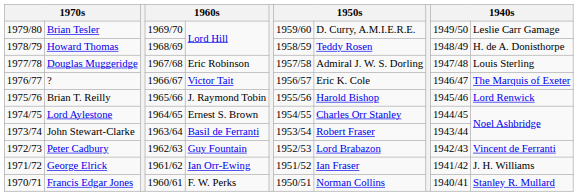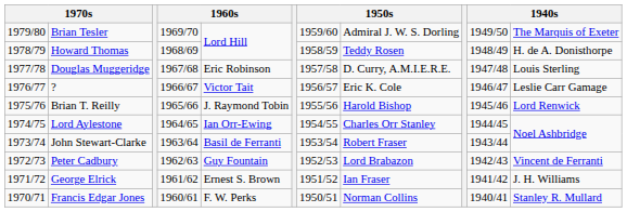 <table class="wikitable">
 <tr>
 <th colspan="2">1970s</th>
 <th rowspan="11"></th>
 <th colspan="2">1960s</th>
 <th rowspan="11"></th>
 <th colspan="2">1950s</th>
 <th rowspan="11"></th>
 <th colspan="2">1940s</th>
 </tr>
 <tr>
 <td>1979/80</td>
 <td><a href='#'>Brian Tesler</a></td>
 <td>1969/70</td>
 <td rowspan="2"><a href='#'>Lord Hill</a></td>
 <td>1959/60</td>
-<td>D. Curry, A.M.I.E.R.E.</td>
+<td>Admiral J. W. S. Dorling</td>
 <td>1949/50</td>
-<td>Leslie Carr Gamage</td>
+<td><a href='#'>The Marquis of Exeter</a></td>
 </tr>
 <tr>
 <td>1978/79</td>
 <td><a href='#'>Howard Thomas</a></td>
 <td>1968/69</td>
 <td>1958/59</td>
 <td><a href='#'>Teddy Rosen</a></td>
 <td>1948/49</td>
 <td>H. de A. Donisthorpe</td>
 </tr>
 <tr>
 <td>1977/78</td>
 <td><a href='#'>Douglas Muggeridge</a></td>
 <td>1967/68</td>
 <td>Eric Robinson</td>
 <td>1957/58</td>
-<td>Admiral J. W. S. Dorling</td>
+<td>D. Curry, A.M.I.E.R.E.</td>
 <td>1947/48</td>
 <td>Louis Sterling</td>
 </tr>
 <tr>
 <td>1976/77</td>
 <td>?</td>
 <td>1966/67</td>
 <td><a href='#'>Victor Tait</a></td>
 <td>1956/57</td>
 <td>Eric K. Cole</td>
 <td>1946/47</td>
-<td><a href='#'>The Marquis of Exeter</a></td>
+<td>Leslie Carr Gamage</td>
 </tr>
 <tr>
 <td>1975/76</td>
 <td>Brian T. Reilly</td>
 <td>1965/66</td>
 <td>J. Raymond Tobin</td>
 <td>1955/56</td>
 <td><a href='#'>Harold Bishop</a></td>
 <td>1945/46</td>
 <td><a href='#'>Lord Renwick</a></td>
 </tr>
 <tr>
 <td>1974/75</td>
 <td><a href='#'>Lord Aylestone</a></td>
 <td>1964/65</td>
-<td>Ernest S. Brown</td>
+<td><a href='#'>Ian Orr-Ewing</a></td>
 <td>1954/55</td>
 <td><a href='#'>Charles Orr Stanley</a></td>
 <td>1944/45</td>
 <td rowspan="2"><a href='#'>Noel Ashbridge</a></td>
 </tr>
 <tr>
 <td>1973/74</td>
 <td>John Stewart-Clarke</td>
 <td>1963/64</td>
 <td><a href='#'>Basil de Ferranti</a></td>
 <td>1953/54</td>
 <td><a href='#'>Robert Fraser</a></td>
 <td>1943/44</td>
 </tr>
 <tr>
 <td>1972/73</td>
 <td><a href='#'>Peter Cadbury</a></td>
 <td>1962/63</td>
 <td><a href='#'>Guy Fountain</a></td>
 <td>1952/53</td>
 <td><a href='#'>Lord Brabazon</a></td>
 <td>1942/43</td>
 <td><a href='#'>Vincent de Ferranti</a></td>
 </tr>
 <tr>
 <td>1971/72</td>
 <td><a href='#'>George Elrick</a></td>
 <td>1961/62</td>
-<td><a href='#'>Ian Orr-Ewing</a></td>
+<td>Ernest S. Brown</td>
 <td>1951/52</td>
 <td><a href='#'>Ian Fraser</a></td>
 <td>1941/42</td>
 <td>J. H. Williams</td>
 </tr>
 <tr>
 <td>1970/71</td>
 <td><a href='#'>Francis Edgar Jones</a></td>
 <td>1960/61</td>
 <td>F. W. Perks</td>
 <td>1950/51</td>
 <td><a href='#'>Norman Collins</a></td>
 <td>1940/41</td>
 <td><a href='#'>Stanley R. Mullard</a></td>
 </tr>
 </table>
